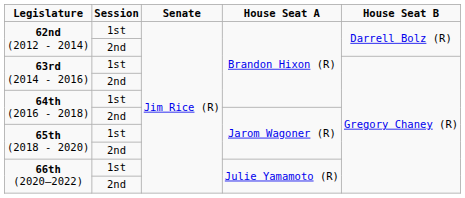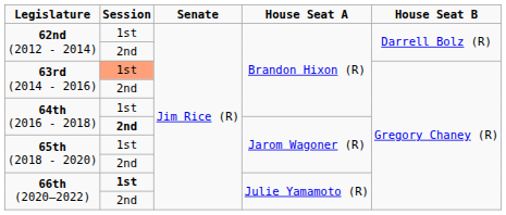 <table class="wikitable" style="text-align:center">
 <tr>
 <td><strong>Legislature</strong></td>
 <td><strong>Session</strong></td>
 <td><strong>Senate</strong></td>
 <td><strong>House Seat A</strong></td>
 <td><strong>House Seat B</strong></td>
 </tr>
 <tr>
 <td colspan="1" rowspan="2" style="text-align: center;"><strong>62nd</strong> <br> (2012 - 2014)</td>
 <td>1st</td>
 <td rowspan="10" colspan="1" ><a href='#'>Jim Rice</a> (R)</td>
 <td rowspan="5" colspan="1" ><a href='#'>Brandon Hixon</a> (R)</td>
 <td rowspan="2" colspan="1" ><a href='#'>Darrell Bolz</a> (R)</td>
 </tr>
 <tr>
 <td>2nd</td>
 </tr>
 <tr>
 <td colspan="1" rowspan="2" style="text-align: center;"><strong>63rd</strong> <br> (2014 - 2016)</td>
-<td>1st</td>
+<td style="background: lightsalmon;">1st</td>
 <td rowspan="8" colspan="1" ><a href='#'>Gregory Chaney</a> (R)</td>
 </tr>
 <tr>
 <td>2nd</td>
 </tr>
 <tr>
 <td colspan="1" rowspan="2" style="text-align: center;"><strong>64th</strong> <br> (2016 - 2018)</td>
 <td>1st</td>
 </tr>
 <tr>
-<td>2nd</td>
+<td><strong>2nd</strong></td>
 <td rowspan="3" colspan="1" ><a href='#'>Jarom Wagoner</a> (R)</td>
 </tr>
 <tr>
 <td colspan="1" rowspan="2" style="text-align: center;"><strong>65th</strong> <br> (2018 - 2020)</td>
 <td>1st</td>
 </tr>
 <tr>
 <td>2nd</td>
 </tr>
 <tr>
 <td colspan="1" rowspan="2" style="text-align: center;"><strong>66th</strong> <br> (2020–2022)</td>
-<td>1st</td>
+<td><strong>1st</strong></td>
 <td rowspan="3" colspan="1" ><a href='#'>Julie Yamamoto</a> (R)</td>
 </tr>
 <tr>
 <td>2nd</td>
 </tr>
 </table>
